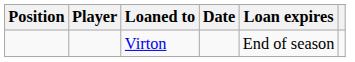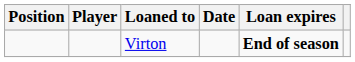 <table class="wikitable sortable">
 <tr>
 <th>Position</th>
 <th>Player</th>
 <th>Loaned to</th>
 <th>Date</th>
 <th>Loan expires</th>
 <th class="unsortable"></th>
 </tr>
 <tr>
 <td></td>
 <td></td>
 <td> <a href='#'>Virton</a></td>
 <td></td>
-<td>End of season</td>
+<td><strong>End of season</strong></td>
 <td></td>
 </tr>
 <tr>
 </tr>
 </table>
